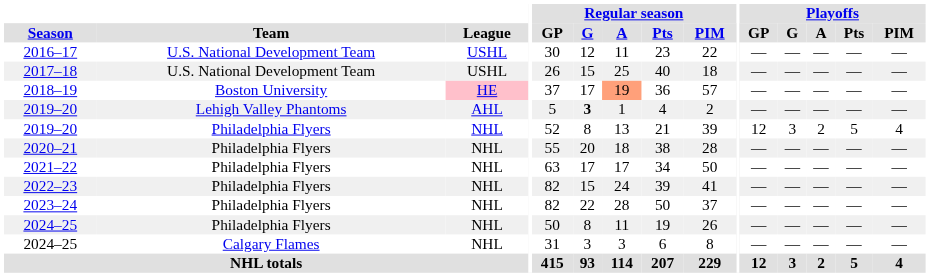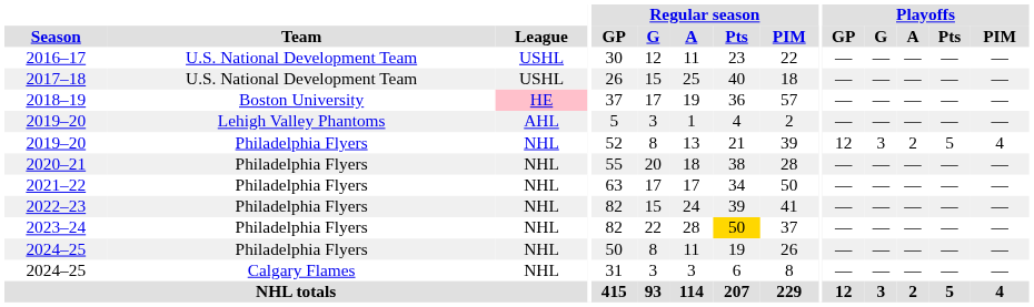 <table border="0" cellpadding="1" cellspacing="0" style="text-align:center; width:60em;">
 <tr bgcolor="#e0e0e0">
 <th colspan="3" bgcolor="#ffffff"></th>
 <th rowspan="92" bgcolor="#ffffff"></th>
 <th colspan="5"><a href='#'>Regular season</a></th>
 <th rowspan="92" bgcolor="#ffffff"></th>
 <th colspan="5"><a href='#'>Playoffs</a></th>
 </tr>
 <tr bgcolor="#e0e0e0">
 <th><a href='#'>Season</a></th>
 <th>Team</th>
 <th>League</th>
 <th>GP</th>
 <th><a href='#'>G</a></th>
 <th><a href='#'>A</a></th>
 <th><a href='#'>Pts</a></th>
 <th><a href='#'>PIM</a></th>
 <th>GP</th>
 <th>G</th>
 <th>A</th>
 <th>Pts</th>
 <th>PIM</th>
 </tr>
 <tr>
 <td><a href='#'>2016–17</a></td>
 <td><a href='#'>U.S. National Development Team</a></td>
 <td><a href='#'>USHL</a></td>
 <td>30</td>
 <td>12</td>
 <td>11</td>
 <td>23</td>
 <td>22</td>
 <td>—</td>
 <td>—</td>
 <td>—</td>
 <td>—</td>
 <td>—</td>
 </tr>
 <tr bgcolor="#f0f0f0">
 <td><a href='#'>2017–18</a></td>
 <td>U.S. National Development Team</td>
 <td>USHL</td>
 <td>26</td>
 <td>15</td>
 <td>25</td>
 <td>40</td>
 <td>18</td>
 <td>—</td>
 <td>—</td>
 <td>—</td>
 <td>—</td>
 <td>—</td>
 </tr>
 <tr>
 <td><a href='#'>2018–19</a></td>
 <td><a href='#'>Boston University</a></td>
 <td style="background: pink;"><a href='#'>HE</a></td>
 <td>37</td>
 <td>17</td>
-<td style="background: lightsalmon;">19</td>
+<td>19</td>
 <td>36</td>
 <td>57</td>
 <td>—</td>
 <td>—</td>
 <td>—</td>
 <td>—</td>
 <td>—</td>
 </tr>
 <tr bgcolor="#f0f0f0">
 <td><a href='#'>2019–20</a></td>
 <td><a href='#'>Lehigh Valley Phantoms</a></td>
 <td><a href='#'>AHL</a></td>
 <td>5</td>
-<td><strong>3</strong></td>
+<td>3</td>
 <td>1</td>
 <td>4</td>
 <td>2</td>
 <td>—</td>
 <td>—</td>
 <td>—</td>
 <td>—</td>
 <td>—</td>
 </tr>
 <tr>
 <td><a href='#'>2019–20</a></td>
 <td><a href='#'>Philadelphia Flyers</a></td>
 <td><a href='#'>NHL</a></td>
 <td>52</td>
 <td>8</td>
 <td>13</td>
 <td>21</td>
 <td>39</td>
 <td>12</td>
 <td>3</td>
 <td>2</td>
 <td>5</td>
 <td>4</td>
 </tr>
 <tr bgcolor="#f0f0f0">
 <td><a href='#'>2020–21</a></td>
 <td>Philadelphia Flyers</td>
 <td>NHL</td>
 <td>55</td>
 <td>20</td>
 <td>18</td>
 <td>38</td>
 <td>28</td>
 <td>—</td>
 <td>—</td>
 <td>—</td>
 <td>—</td>
 <td>—</td>
 </tr>
 <tr>
 <td><a href='#'>2021–22</a></td>
 <td>Philadelphia Flyers</td>
 <td>NHL</td>
 <td>63</td>
 <td>17</td>
 <td>17</td>
 <td>34</td>
 <td>50</td>
 <td>—</td>
 <td>—</td>
 <td>—</td>
 <td>—</td>
 <td>—</td>
 </tr>
 <tr bgcolor="#f0f0f0">
 <td><a href='#'>2022–23</a></td>
 <td>Philadelphia Flyers</td>
 <td>NHL</td>
 <td>82</td>
 <td>15</td>
 <td>24</td>
 <td>39</td>
 <td>41</td>
 <td>—</td>
 <td>—</td>
 <td>—</td>
 <td>—</td>
 <td>—</td>
 </tr>
 <tr>
 <td><a href='#'>2023–24</a></td>
 <td>Philadelphia Flyers</td>
 <td>NHL</td>
 <td>82</td>
 <td>22</td>
 <td>28</td>
-<td>50</td>
+<td style="background: gold;">50</td>
 <td>37</td>
 <td>—</td>
 <td>—</td>
 <td>—</td>
 <td>—</td>
 <td>—</td>
 </tr>
 <tr bgcolor="#f0f0f0">
 <td><a href='#'>2024–25</a></td>
 <td>Philadelphia Flyers</td>
 <td>NHL</td>
 <td>50</td>
 <td>8</td>
 <td>11</td>
 <td>19</td>
 <td>26</td>
 <td>—</td>
 <td>—</td>
 <td>—</td>
 <td>—</td>
 <td>—</td>
 </tr>
 <tr>
 <td>2024–25</td>
 <td><a href='#'>Calgary Flames</a></td>
 <td>NHL</td>
 <td>31</td>
 <td>3</td>
 <td>3</td>
 <td>6</td>
 <td>8</td>
 <td>—</td>
 <td>—</td>
 <td>—</td>
 <td>—</td>
 <td>—</td>
 </tr>
 <tr bgcolor="#e0e0e0">
 <th colspan="3">NHL totals</th>
 <th>415</th>
 <th>93</th>
 <th>114</th>
 <th>207</th>
 <th>229</th>
 <th>12</th>
 <th>3</th>
 <th>2</th>
 <th>5</th>
 <th>4</th>
 </tr>
 </table>
